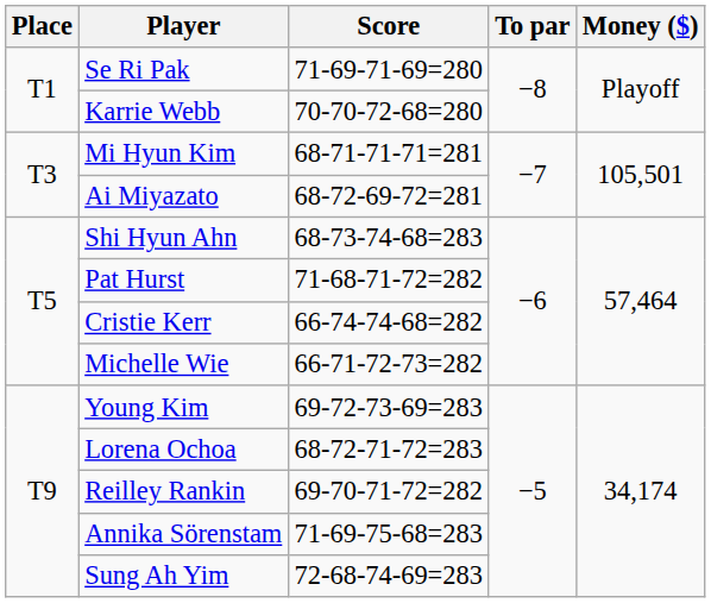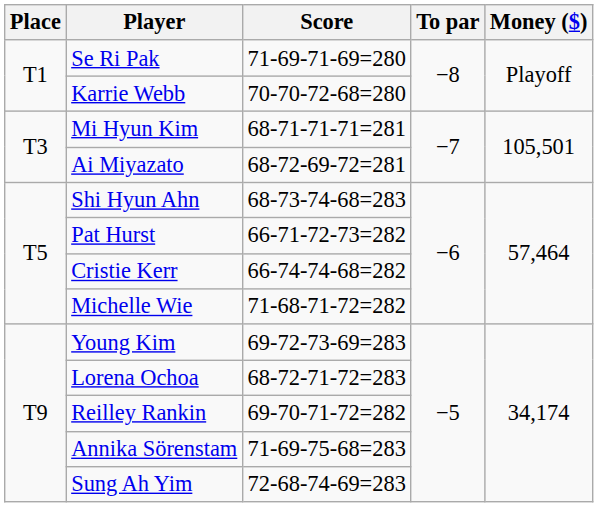 <table class="wikitable">
 <tr>
 <th>Place</th>
 <th>Player</th>
 <th>Score</th>
 <th>To par</th>
 <th>Money (<a href='#'>$</a>)</th>
 </tr>
 <tr>
 <td rowspan=2 align=center>T1</td>
 <td> <a href='#'>Se Ri Pak</a></td>
 <td>71-69-71-69=280</td>
 <td rowspan=2 align=center>−8</td>
 <td rowspan= 2 align=center>Playoff</td>
 </tr>
 <tr>
 <td> <a href='#'>Karrie Webb</a></td>
 <td>70-70-72-68=280</td>
 </tr>
 <tr>
 <td align=center rowspan=2>T3</td>
 <td> <a href='#'>Mi Hyun Kim</a></td>
 <td>68-71-71-71=281</td>
 <td align=center rowspan=2>−7</td>
 <td align=center rowspan=2>105,501</td>
 </tr>
 <tr>
 <td> <a href='#'>Ai Miyazato</a></td>
 <td>68-72-69-72=281</td>
 </tr>
 <tr>
 <td align=center rowspan=4>T5</td>
 <td> <a href='#'>Shi Hyun Ahn</a></td>
 <td>68-73-74-68=283</td>
 <td rowspan=4 align=center>−6</td>
 <td rowspan=4 align=center>57,464</td>
 </tr>
 <tr>
 <td> <a href='#'>Pat Hurst</a></td>
-<td>71-68-71-72=282</td>
+<td>66-71-72-73=282</td>
 </tr>
 <tr>
 <td> <a href='#'>Cristie Kerr</a></td>
 <td>66-74-74-68=282</td>
 </tr>
 <tr>
 <td> <a href='#'>Michelle Wie</a></td>
-<td>66-71-72-73=282</td>
+<td>71-68-71-72=282</td>
 </tr>
 <tr>
 <td rowspan=5 align=center>T9</td>
 <td> <a href='#'>Young Kim</a></td>
 <td>69-72-73-69=283</td>
 <td rowspan=5 align=center>−5</td>
 <td rowspan=5 align=center>34,174</td>
 </tr>
 <tr>
 <td> <a href='#'>Lorena Ochoa</a></td>
 <td>68-72-71-72=283</td>
 </tr>
 <tr>
 <td> <a href='#'>Reilley Rankin</a></td>
 <td>69-70-71-72=282</td>
 </tr>
 <tr>
 <td> <a href='#'>Annika Sörenstam</a></td>
 <td>71-69-75-68=283</td>
 </tr>
 <tr>
 <td> <a href='#'>Sung Ah Yim</a></td>
 <td>72-68-74-69=283</td>
 </tr>
 </table>
